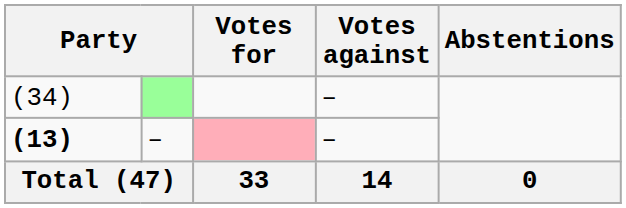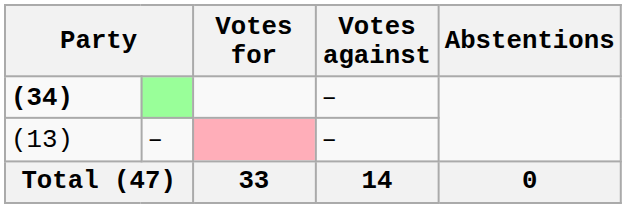 <table class="wikitable" style="width:50%;">
 <tr>
 <th colspan="2">Party</th>
 <th style="width:20%;">Votes for</th>
 <th style="width:20%;">Votes against</th>
 <th style="width:20%;">Abstentions</th>
 </tr>
 <tr>
-<td> (34)</td>
+<td><strong> (34)</strong></td>
 <td style="background-color:#9f9;"></td>
 <td></td>
 <td>–</td>
 </tr>
 <tr>
-<td><strong> (13)</strong></td>
+<td> (13)</td>
 <td>–</td>
 <td style="background-color:#ffaeb9;"></td>
 <td>–</td>
 </tr>
 <tr>
 <th colspan="2">Total (47)</th>
 <th>33</th>
 <th>14</th>
 <th>0</th>
 </tr>
 </table>
